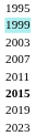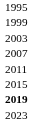 <table>
 <tr>
 <td>1995<br></td>
 <td></td>
 <td></td>
 <td></td>
 </tr>
 <tr>
-<td style="background: paleturquoise;">1999<br></td>
+<td>1999<br></td>
 <td></td>
 <td></td>
 <td></td>
 </tr>
 <tr>
 <td>2003<br></td>
 <td></td>
 <td></td>
 <td></td>
 </tr>
 <tr>
 <td>2007<br></td>
 <td></td>
 <td></td>
 <td></td>
 </tr>
 <tr>
 <td>2011<br></td>
 <td></td>
 <td></td>
 <td></td>
 </tr>
 <tr>
-<td><strong>2015<br></strong></td>
+<td>2015<br></td>
 <td></td>
 <td></td>
 <td></td>
 </tr>
 <tr>
-<td>2019<br></td>
+<td><strong>2019<br></strong></td>
 <td></td>
 <td></td>
 <td></td>
 </tr>
 <tr>
 <td>2023<br></td>
 <td></td>
 <td></td>
 <td></td>
 </tr>
 </table>
